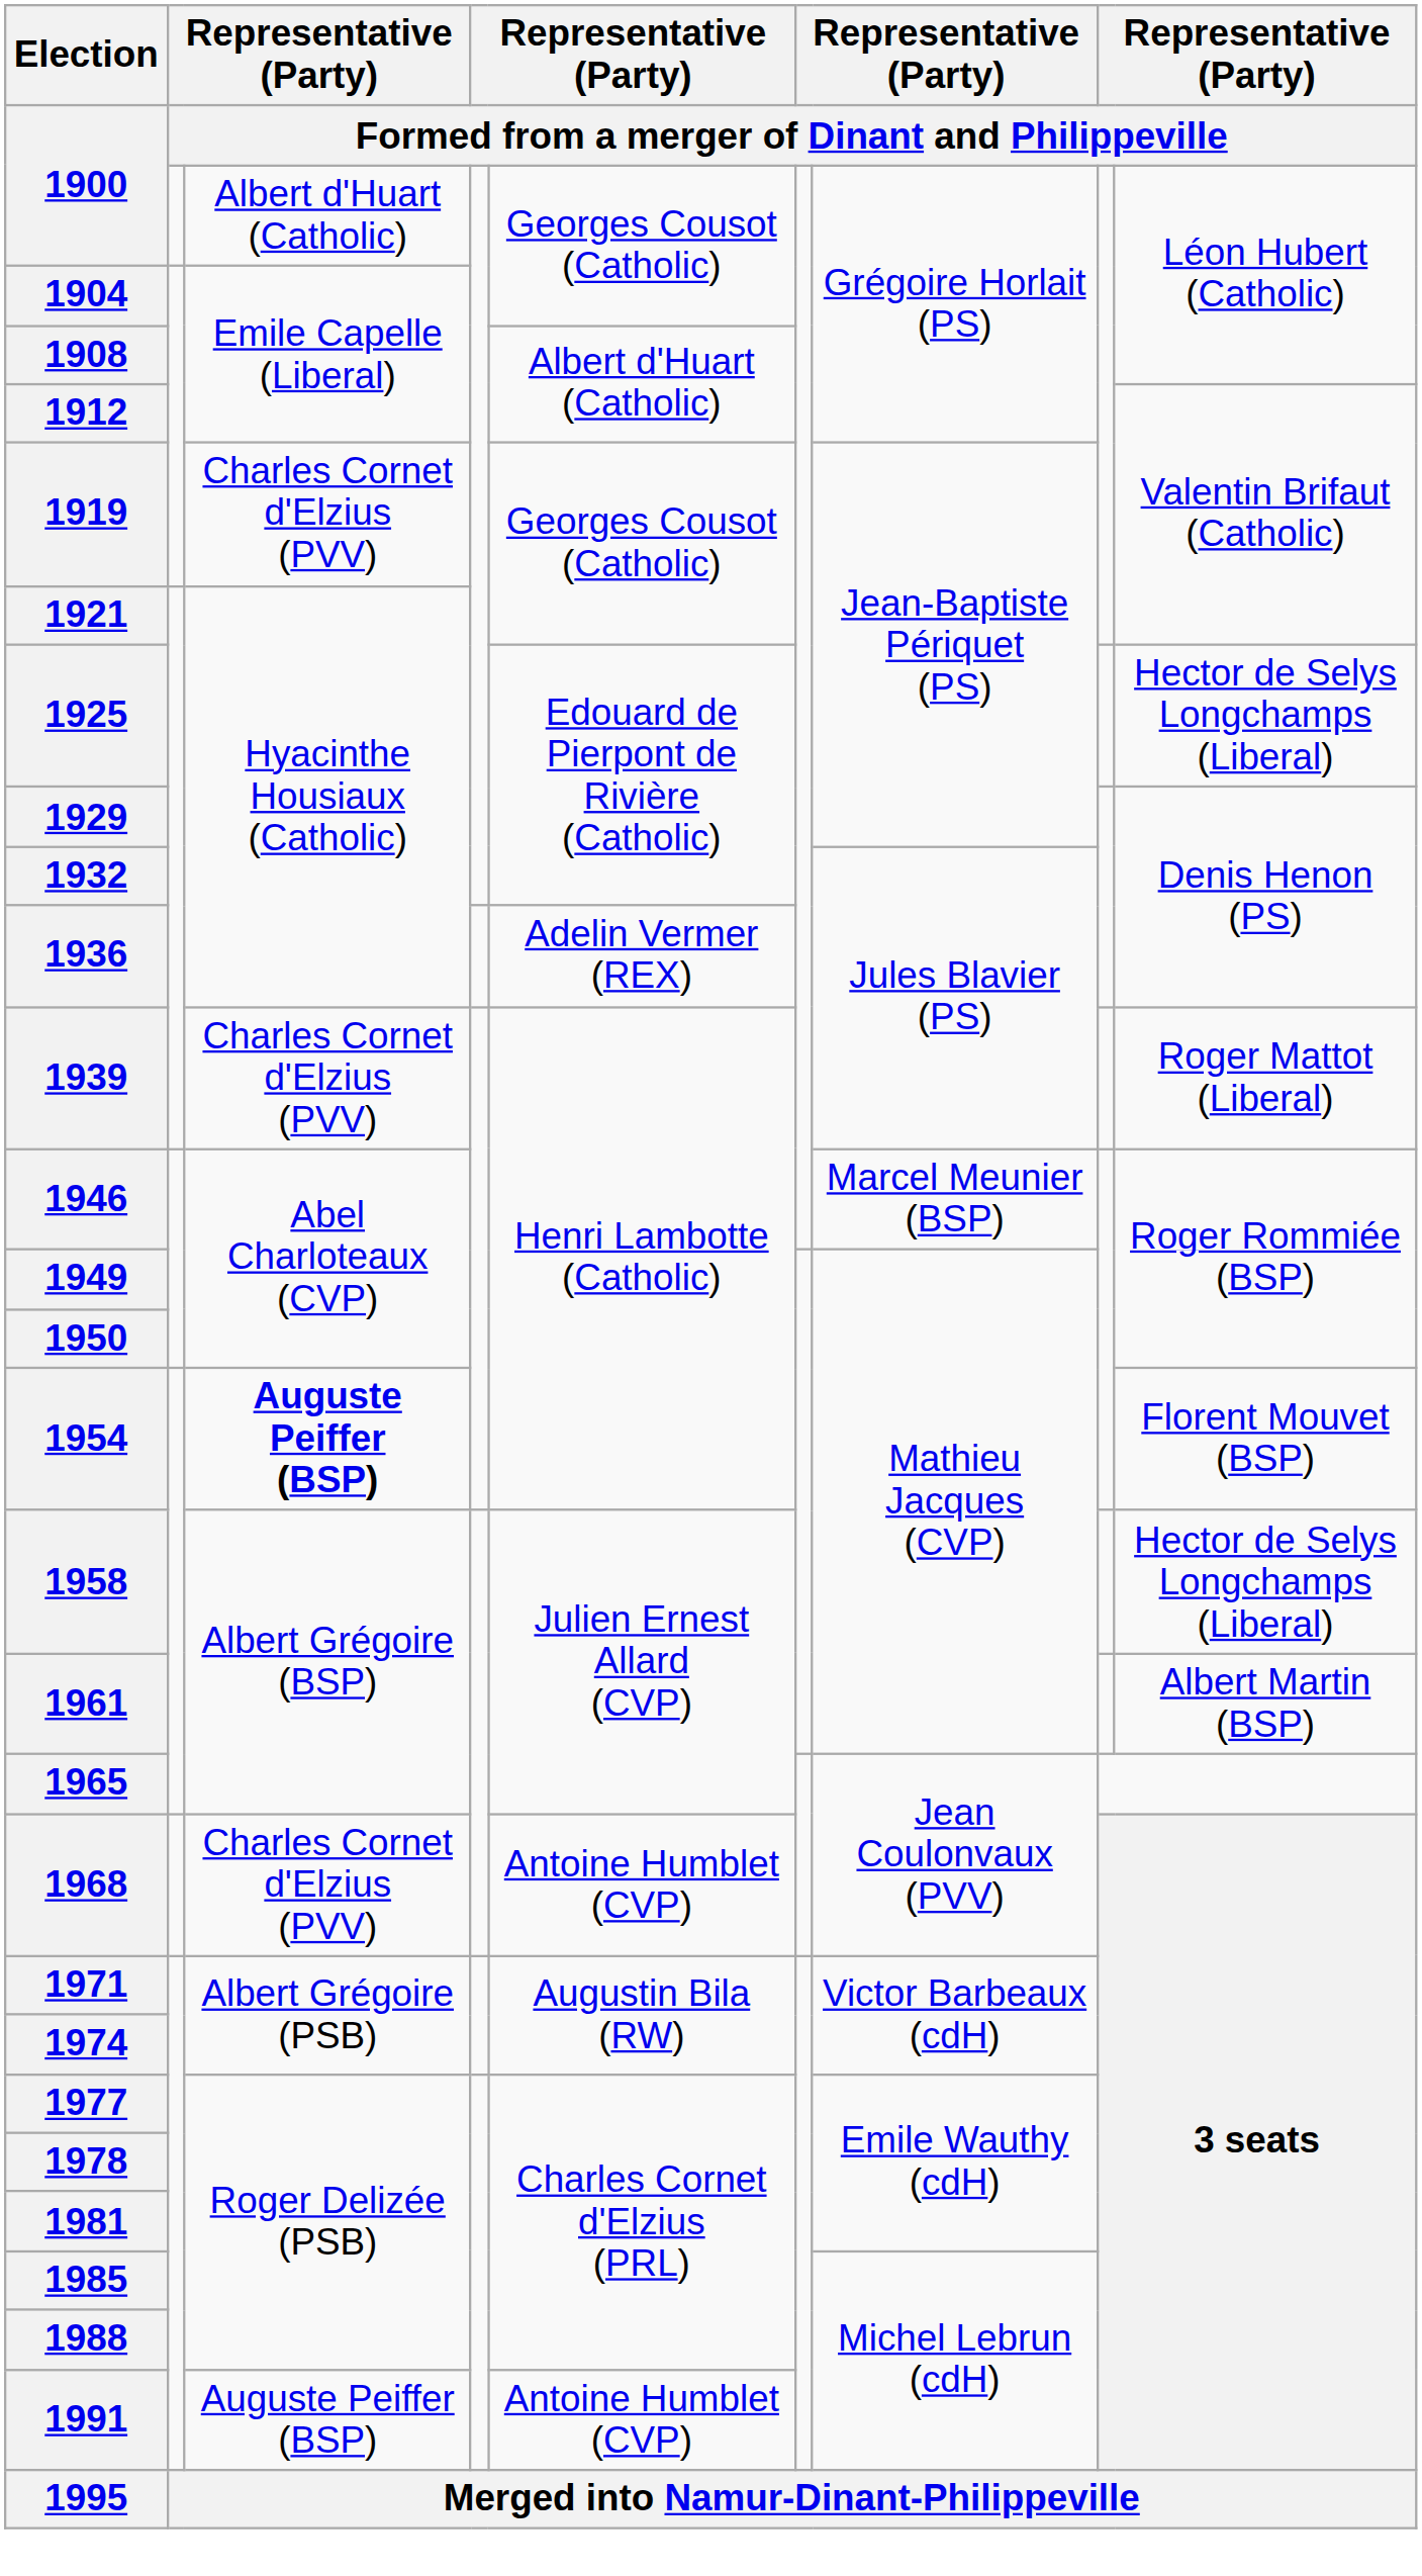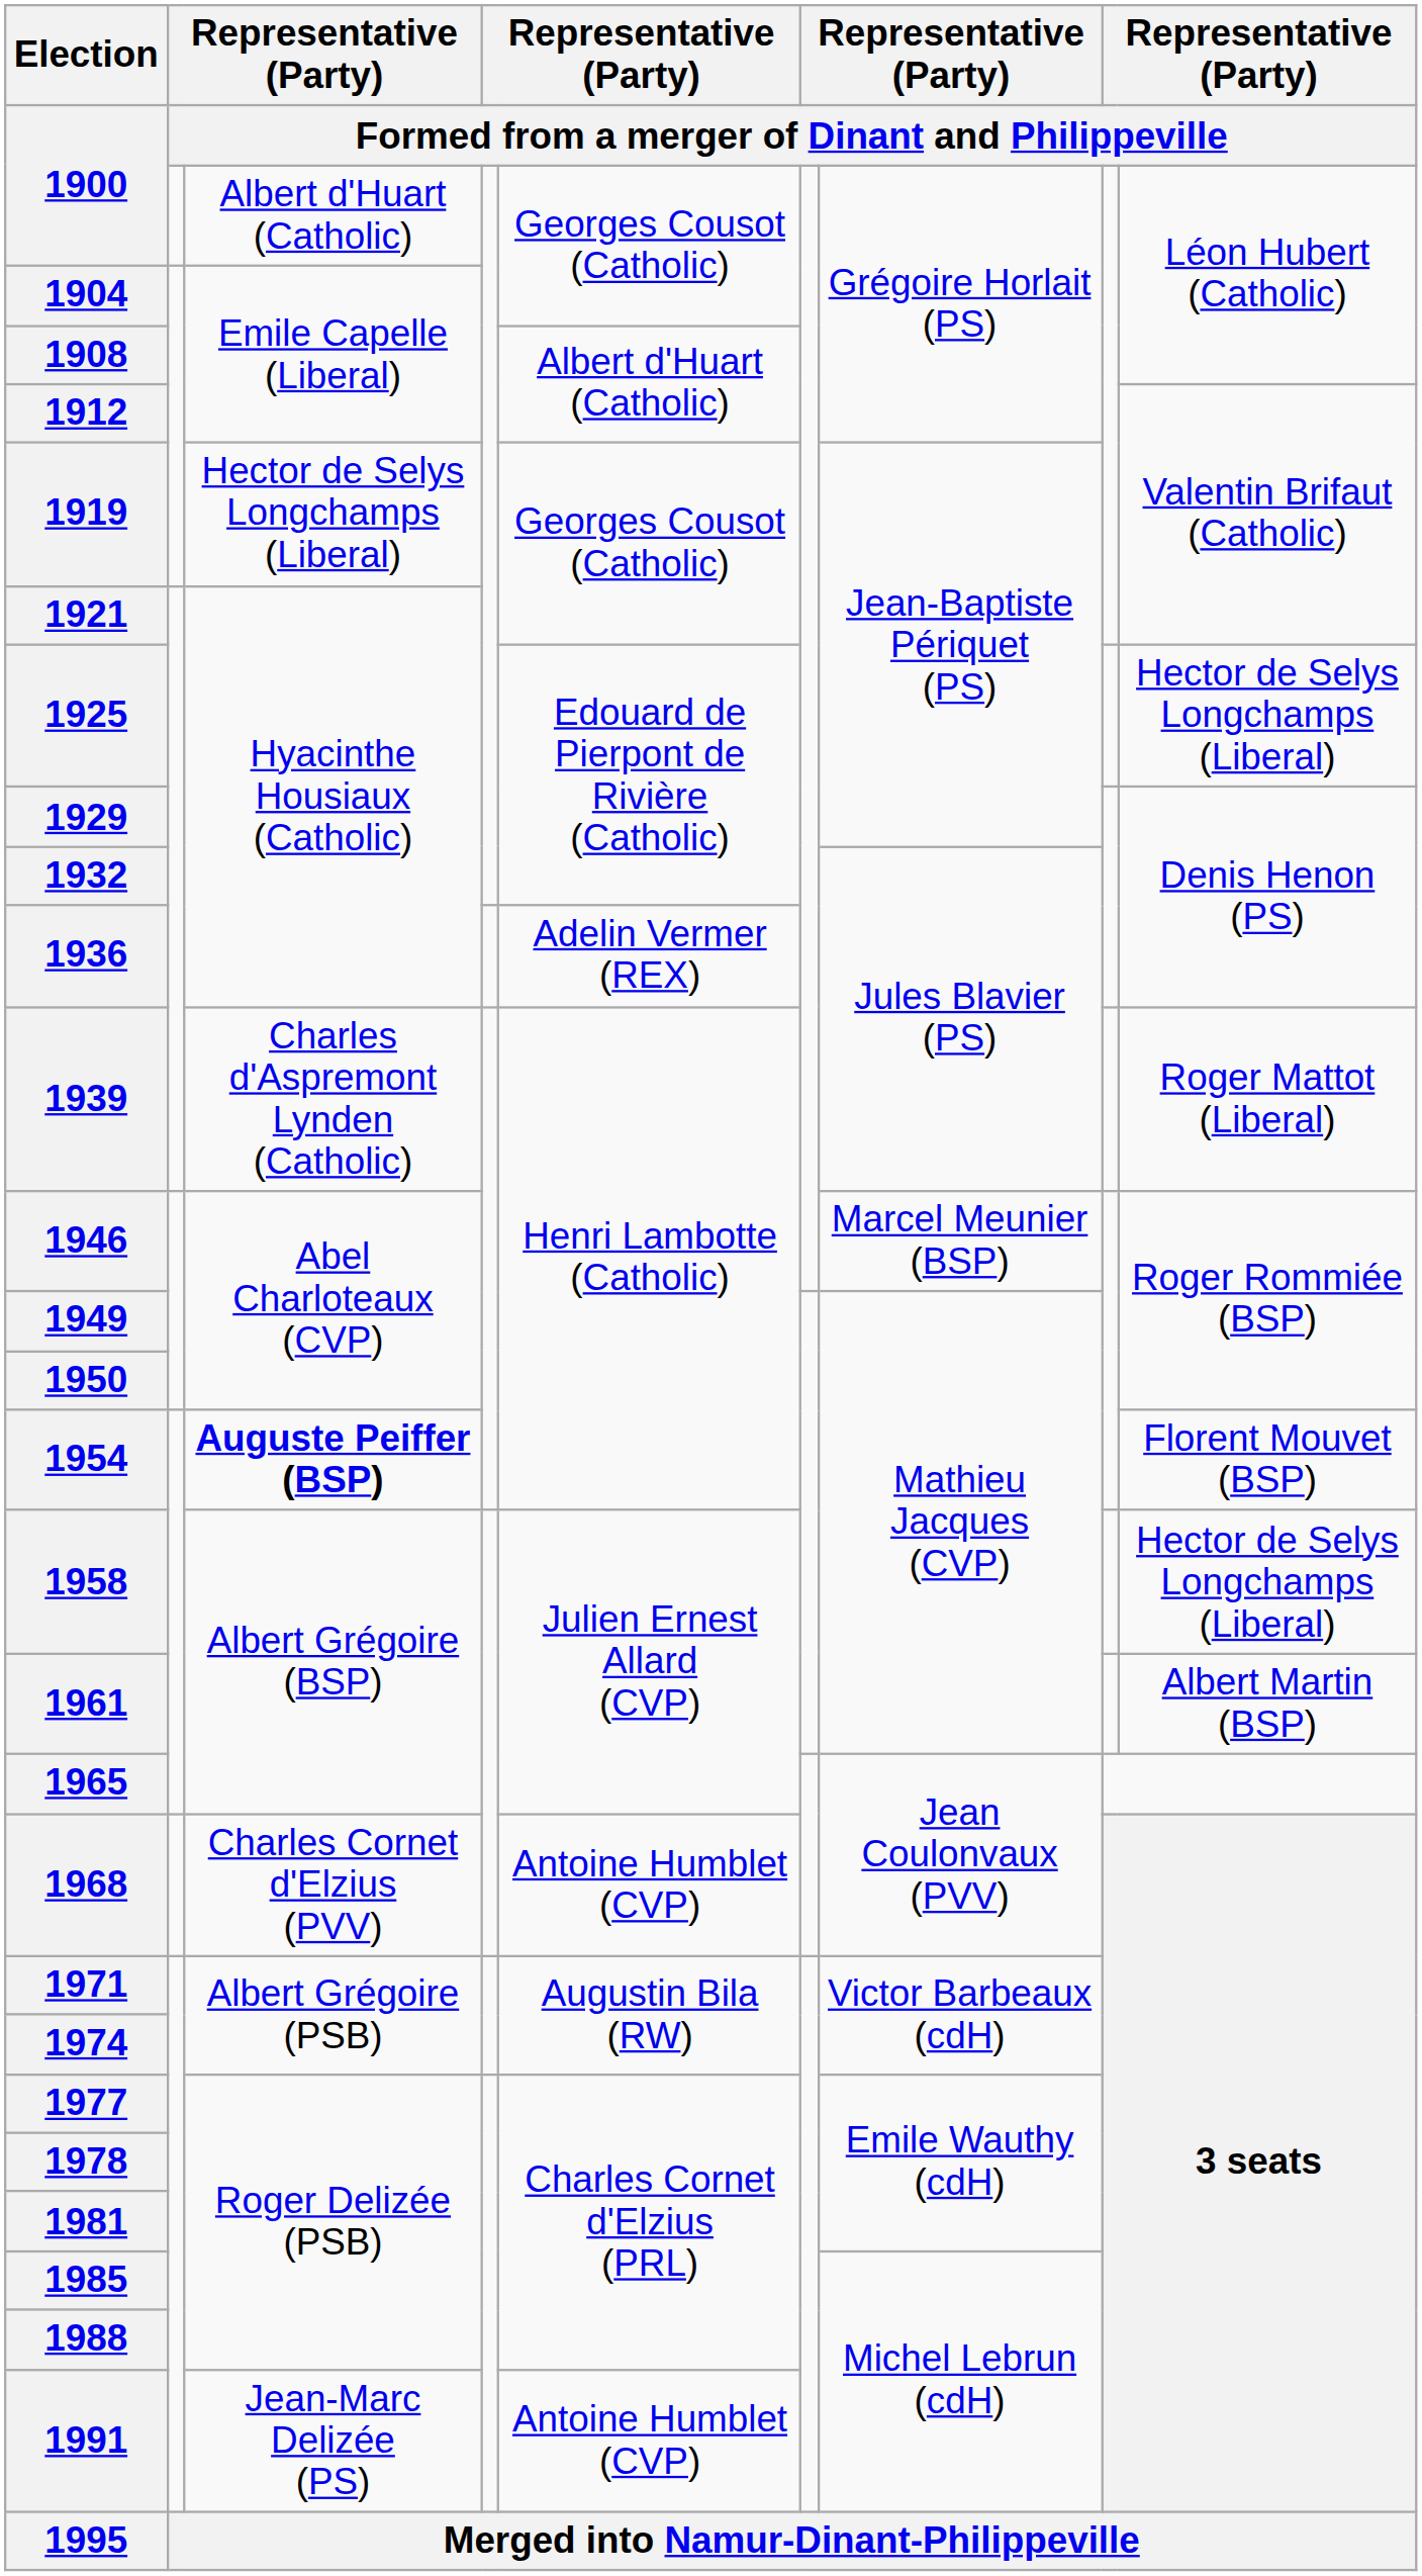 <table class="wikitable" style="text-align:center">
 <tr>
 <th>Election</th>
 <th colspan=2>Representative<br>(Party)</th>
 <th colspan=2>Representative<br>(Party)</th>
 <th colspan=2>Representative<br>(Party)</th>
 <th colspan=2>Representative<br>(Party)</th>
 </tr>
 <tr>
 <th rowspan=2><a href='#'>1900</a></th>
 <th colspan=8>Formed from a merger of <a href='#'>Dinant</a> and <a href='#'>Philippeville</a></th>
 </tr>
 <tr>
 <td rowspan=1; style="background-color: "></td>
 <td rowspan=1><a href='#'>Albert d'Huart</a><br>(<a href='#'>Catholic</a>)</td>
 <td rowspan=9; style="background-color: "></td>
 <td rowspan=2><a href='#'>Georges Cousot</a><br>(<a href='#'>Catholic</a>)</td>
 <td rowspan=12; style="background-color: "></td>
 <td rowspan=4><a href='#'>Grégoire Horlait</a><br>(<a href='#'>PS</a>)</td>
 <td rowspan=6; style="background-color: "></td>
 <td rowspan=3><a href='#'>Léon Hubert</a><br>(<a href='#'>Catholic</a>)</td>
 </tr>
 <tr>
 <th><a href='#'>1904</a></th>
 <td rowspan=4; style="background-color: "></td>
 <td rowspan=3><a href='#'>Emile Capelle</a><br>(<a href='#'>Liberal</a>)</td>
 </tr>
 <tr>
 <th><a href='#'>1908</a></th>
 <td rowspan=2><a href='#'>Albert d'Huart</a><br>(<a href='#'>Catholic</a>)</td>
 </tr>
 <tr>
 <th><a href='#'>1912</a></th>
 <td rowspan=3><a href='#'>Valentin Brifaut</a><br>(<a href='#'>Catholic</a>)</td>
 </tr>
 <tr>
 <th><a href='#'>1919</a></th>
-<td rowspan=1><a href='#'>Charles Cornet d'Elzius</a><br>(<a href='#'>PVV</a>)</td>
+<td rowspan=1><a href='#'>Hector de Selys Longchamps</a><br>(<a href='#'>Liberal</a>)</td>
 <td rowspan=2><a href='#'>Georges Cousot</a><br>(<a href='#'>Catholic</a>)</td>
 <td rowspan=4><a href='#'>Jean-Baptiste Périquet</a><br>(<a href='#'>PS</a>)</td>
 </tr>
 <tr>
 <th><a href='#'>1921</a></th>
 <td rowspan=6; style="background-color: "></td>
 <td rowspan=5><a href='#'>Hyacinthe Housiaux</a><br>(<a href='#'>Catholic</a>)</td>
 </tr>
 <tr>
 <th><a href='#'>1925</a></th>
 <td rowspan=3><a href='#'>Edouard de Pierpont de Rivière</a><br>(<a href='#'>Catholic</a>)</td>
 <td rowspan=1; style="background-color: "></td>
 <td rowspan=1><a href='#'>Hector de Selys Longchamps</a><br>(<a href='#'>Liberal</a>)</td>
 </tr>
 <tr>
 <th><a href='#'>1929</a></th>
 <td rowspan=3; style="background-color: "></td>
 <td rowspan=3><a href='#'>Denis Henon</a><br>(<a href='#'>PS</a>)</td>
 </tr>
 <tr>
 <th><a href='#'>1932</a></th>
 <td rowspan=3><a href='#'>Jules Blavier</a><br>(<a href='#'>PS</a>)</td>
 </tr>
 <tr>
 <th><a href='#'>1936</a></th>
 <td rowspan=1; style="background-color: "></td>
 <td rowspan=1><a href='#'>Adelin Vermer</a><br>(<a href='#'>REX</a>)</td>
 </tr>
 <tr>
 <th><a href='#'>1939</a></th>
-<td rowspan=1><a href='#'>Charles Cornet d'Elzius</a><br>(<a href='#'>PVV</a>)</td>
+<td rowspan=1><a href='#'>Charles d'Aspremont Lynden</a><br>(<a href='#'>Catholic</a>)</td>
 <td rowspan=5; style="background-color: "></td>
 <td rowspan=5><a href='#'>Henri Lambotte</a><br>(<a href='#'>Catholic</a>)</td>
 <td rowspan=1; style="background-color: "></td>
 <td rowspan=1><a href='#'>Roger Mattot</a><br>(<a href='#'>Liberal</a>)</td>
 </tr>
 <tr>
 <th><a href='#'>1946</a></th>
 <td rowspan=3; style="background-color: "></td>
 <td rowspan=3><a href='#'>Abel Charloteaux</a><br>(<a href='#'>CVP</a>)</td>
 <td rowspan=1><a href='#'>Marcel Meunier</a><br>(<a href='#'>BSP</a>)</td>
 <td rowspan=4; style="background-color: "></td>
 <td rowspan=3><a href='#'>Roger Rommiée</a><br>(<a href='#'>BSP</a>)</td>
 </tr>
 <tr>
 <th><a href='#'>1949</a></th>
 <td rowspan=5; style="background-color: "></td>
 <td rowspan=5><a href='#'>Mathieu Jacques</a><br>(<a href='#'>CVP</a>)</td>
 </tr>
 <tr>
 <th><a href='#'>1950</a></th>
 </tr>
 <tr>
 <th><a href='#'>1954</a></th>
 <td rowspan=4; style="background-color: "></td>
 <td rowspan=1><strong><a href='#'>Auguste Peiffer</a><br>(<a href='#'>BSP</a>)</strong></td>
 <td rowspan=1><a href='#'>Florent Mouvet</a><br>(<a href='#'>BSP</a>)</td>
 </tr>
 <tr>
 <th><a href='#'>1958</a></th>
 <td rowspan=3><a href='#'>Albert Grégoire</a><br>(<a href='#'>BSP</a>)</td>
 <td rowspan=4; style="background-color: "></td>
 <td rowspan=3><a href='#'>Julien Ernest Allard</a><br>(<a href='#'>CVP</a>)</td>
 <td rowspan=1; style="background-color: "></td>
 <td rowspan=1><a href='#'>Hector de Selys Longchamps</a><br>(<a href='#'>Liberal</a>)</td>
 </tr>
 <tr>
 <th><a href='#'>1961</a></th>
 <td rowspan=1; style="background-color: "></td>
 <td rowspan=1><a href='#'>Albert Martin</a><br>(<a href='#'>BSP</a>)</td>
 </tr>
 <tr>
 <th><a href='#'>1965</a></th>
 <td rowspan=2; style="background-color: "></td>
 <td rowspan=2><a href='#'>Jean Coulonvaux</a><br>(<a href='#'>PVV</a>)</td>
 </tr>
 <tr>
 <th><a href='#'>1968</a></th>
 <td rowspan=1; style="background-color: "></td>
 <td rowspan=1><a href='#'>Charles Cornet d'Elzius</a><br>(<a href='#'>PVV</a>)</td>
 <td rowspan=1><a href='#'>Antoine Humblet</a><br>(<a href='#'>CVP</a>)</td>
 <th colspan=2; rowspan=9>3 seats</th>
 </tr>
 <tr>
 <th><a href='#'>1971</a></th>
 <td rowspan=8; style="background-color: "></td>
 <td rowspan=2><a href='#'>Albert Grégoire</a><br>(PSB)</td>
 <td rowspan=2; style="background-color: "></td>
 <td rowspan=2><a href='#'>Augustin Bila</a><br>(<a href='#'>RW</a>)</td>
 <td rowspan=8; style="background-color: "></td>
 <td rowspan=2><a href='#'>Victor Barbeaux</a><br>(<a href='#'>cdH</a>)</td>
 </tr>
 <tr>
 <th><a href='#'>1974</a></th>
 </tr>
 <tr>
 <th><a href='#'>1977</a></th>
 <td rowspan=5><a href='#'>Roger Delizée</a><br>(PSB)</td>
 <td rowspan=6; style="background-color: "></td>
 <td rowspan=5><a href='#'>Charles Cornet d'Elzius</a><br>(<a href='#'>PRL</a>)</td>
 <td rowspan=3><a href='#'>Emile Wauthy</a><br>(<a href='#'>cdH</a>)</td>
 </tr>
 <tr>
 <th><a href='#'>1978</a></th>
 </tr>
 <tr>
 <th><a href='#'>1981</a></th>
 </tr>
 <tr>
 <th><a href='#'>1985</a></th>
 <td rowspan=3><a href='#'>Michel Lebrun</a><br>(<a href='#'>cdH</a>)</td>
 </tr>
 <tr>
 <th><a href='#'>1988</a></th>
 </tr>
 <tr>
 <th><a href='#'>1991</a></th>
-<td rowspan=1><a href='#'>Auguste Peiffer</a><br>(<a href='#'>BSP</a>)</td>
+<td rowspan=1><a href='#'>Jean-Marc Delizée</a><br>(<a href='#'>PS</a>)</td>
 <td rowspan=1><a href='#'>Antoine Humblet</a><br>(<a href='#'>CVP</a>)</td>
 </tr>
 <tr>
 <th><a href='#'>1995</a></th>
 <th colspan=8>Merged into <a href='#'>Namur-Dinant-Philippeville</a></th>
 </tr>
 </table>
